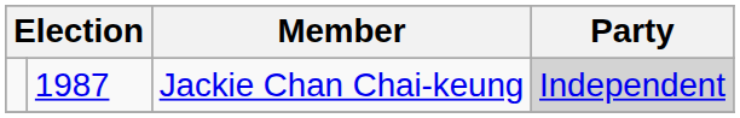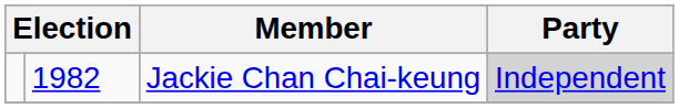 <table class="wikitable">
 <tr>
 <th colspan="2">Election</th>
 <th>Member</th>
 <th>Party</th>
 </tr>
 <tr>
 <td style="background-color:"></td>
-<td><a href='#'>1987</a></td>
+<td><a href='#'>1982</a></td>
 <td><a href='#'>Jackie Chan Chai-keung</a></td>
 <td style="background: lightgrey;"><a href='#'>Independent</a></td>
 </tr>
 <tr>
 </tr>
 </table>
